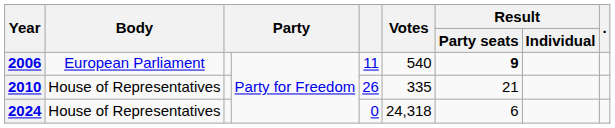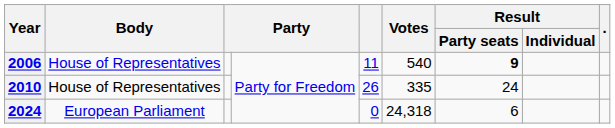 <table class="wikitable plainrowheaders sortable" border=2 cellpadding=4 cellspacing=0 style="border: 1px #aaa solid; font-size: 90%; text-align:center;">
 <tr>
 <th scope="col" rowspan=2>Year</th>
 <th scope="col" rowspan=2>Body</th>
 <th scope="col" colspan=2 rowspan=2>Party</th>
 <th scope="col" rowspan=2></th>
 <th scope="col" rowspan=2>Votes</th>
 <th scope="colgroup" colspan=2>Result</th>
 <th scope="col" rowspan=2 class="unsortable">.</th>
 </tr>
 <tr>
 <th scope="col">Party seats</th>
 <th scope="col">Individual</th>
 </tr>
 <tr>
 <th scope="row"><a href='#'>2006</a></th>
-<td><a href='#'>European Parliament</a></td>
+<td><a href='#'>House of Representatives</a></td>
 <td style="background-color:"></td>
 <td rowspan="3"><a href='#'>Party for Freedom</a></td>
 <td style=text-align:right><a href='#'>11</a></td>
 <td style=text-align:right>540</td>
 <td style=text-align:right><strong>9</strong></td>
 <td></td>
 <td></td>
 </tr>
 <tr>
 <th scope="row"><a href='#'>2010</a></th>
 <td>House of Representatives</td>
 <td style="background-color:"></td>
 <td style=text-align:right><a href='#'>26</a></td>
 <td style=text-align:right>335</td>
-<td style=text-align:right>21</td>
+<td style=text-align:right>24</td>
 <td></td>
 <td></td>
 </tr>
 <tr>
 <th scope="row"><a href='#'>2024</a></th>
-<td>House of Representatives</td>
+<td><a href='#'>European Parliament</a></td>
 <td style="background-color:"></td>
 <td style=text-align:right><a href='#'>0</a></td>
 <td style=text-align:right>24,318</td>
 <td style=text-align:right>6</td>
 <td></td>
 <td></td>
 </tr>
 </table>
